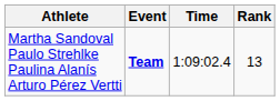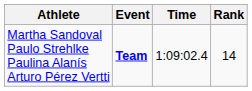 <table class=wikitable style="font-size:90%;">
 <tr>
 <th>Athlete</th>
 <th>Event</th>
 <th>Time</th>
 <th>Rank</th>
 </tr>
 <tr style="text-align:center">
 <td style="text-align:left"><a href='#'>Martha Sandoval</a><br><a href='#'>Paulo Strehlke</a><br><a href='#'>Paulina Alanís</a><br><a href='#'>Arturo Pérez Vertti</a></td>
 <td style="text-align:left"><strong><a href='#'>Team</a></strong></td>
 <td>1:09:02.4</td>
-<td>13</td>
+<td>14</td>
 </tr>
 </table>
